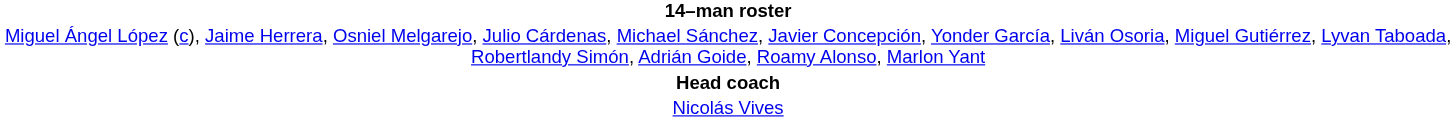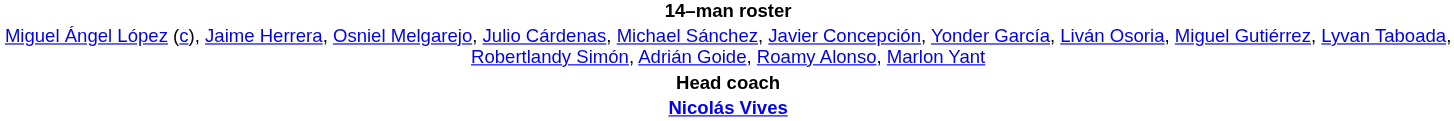 <table style="text-align:center; margin-top:2em; margin-left:auto; margin-right:auto">
 <tr>
 <td><strong>14–man roster</strong></td>
 </tr>
 <tr>
 <td><a href='#'>Miguel Ángel López</a> (<a href='#'>c</a>), <a href='#'>Jaime Herrera</a>, <a href='#'>Osniel Melgarejo</a>, <a href='#'>Julio Cárdenas</a>, <a href='#'>Michael Sánchez</a>, <a href='#'>Javier Concepción</a>, <a href='#'>Yonder García</a>, <a href='#'>Liván Osoria</a>, <a href='#'>Miguel Gutiérrez</a>, <a href='#'>Lyvan Taboada</a>, <a href='#'>Robertlandy Simón</a>, <a href='#'>Adrián Goide</a>, <a href='#'>Roamy Alonso</a>, <a href='#'>Marlon Yant</a></td>
 </tr>
 <tr>
 <td><strong>Head coach</strong></td>
 </tr>
 <tr>
-<td><a href='#'>Nicolás Vives</a></td>
+<td><strong><a href='#'>Nicolás Vives</a></strong></td>
 </tr>
 </table>
